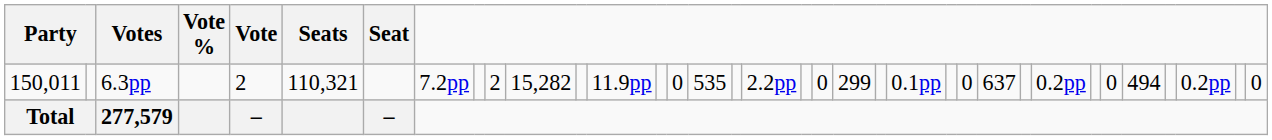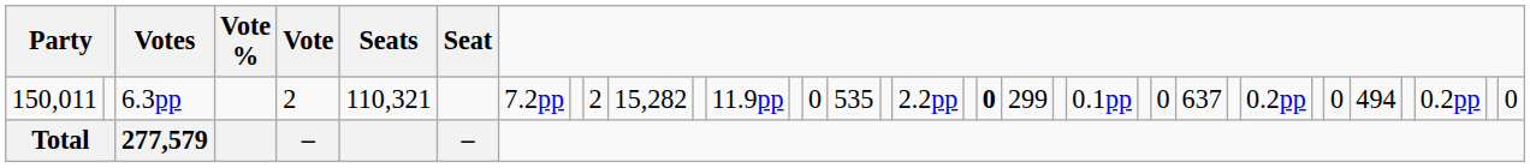 <table class=wikitable style="text-align:right;">
 <tr>
 <th colspan=2>Party</th>
 <th>Votes</th>
 <th>Vote %</th>
 <th>Vote </th>
 <th>Seats</th>
 <th>Seat </th>
 </tr>
 <tr>
 <td>150,011</td>
 <td style="text-align:center;"></td>
 <td style="text-align:left;"> 6.3<a href='#'>pp</a></td>
 <td style="text-align:center;"></td>
 <td style="text-align:left;"> 2<br></td>
 <td>110,321</td>
 <td style="text-align:center;"></td>
 <td style="text-align:left;"> 7.2<a href='#'>pp</a></td>
 <td style="text-align:center;"></td>
 <td style="text-align:left;"> 2<br></td>
 <td>15,282</td>
 <td style="text-align:center;"></td>
 <td style="text-align:left;"> 11.9<a href='#'>pp</a></td>
 <td style="text-align:center;"></td>
 <td style="text-align:left;"> 0<br></td>
 <td>535</td>
 <td style="text-align:center;"></td>
 <td style="text-align:left;"> 2.2<a href='#'>pp</a></td>
 <td style="text-align:center;"></td>
-<td style="text-align:left;"> 0<br></td>
+<td style="text-align:left;"><strong> 0<br></strong></td>
 <td>299</td>
 <td style="text-align:center;"></td>
 <td style="text-align:left;"> 0.1<a href='#'>pp</a></td>
 <td style="text-align:center;"></td>
 <td style="text-align:left;"> 0<br></td>
 <td>637</td>
 <td style="text-align:center;"></td>
 <td style="text-align:left;"> 0.2<a href='#'>pp</a></td>
 <td style="text-align:center;"></td>
 <td style="text-align:left;"> 0<br></td>
 <td>494</td>
 <td style="text-align:center;"></td>
 <td style="text-align:left;"> 0.2<a href='#'>pp</a></td>
 <td style="text-align:center;"></td>
 <td style="text-align:left;"> 0</td>
 </tr>
 <tr>
 <th colspan="2">Total</th>
 <th>277,579</th>
 <th></th>
 <th>–</th>
 <th></th>
 <th>–</th>
 </tr>
 </table>
